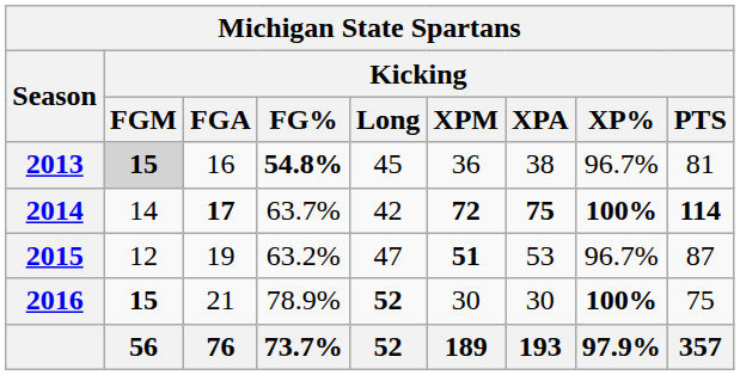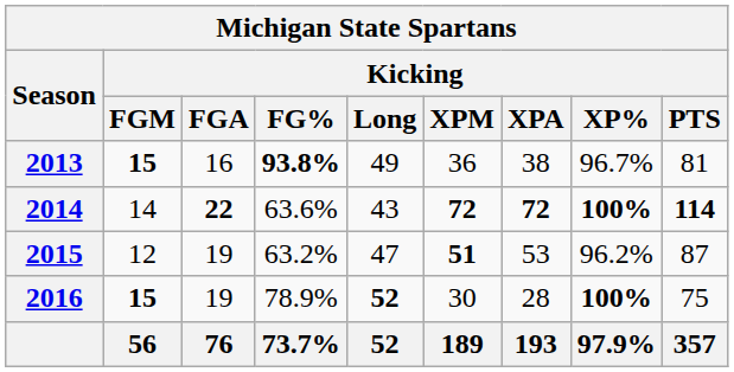 <table class="wikitable" style="text-align:center;">
 <tr>
 <th colspan="9">Michigan State Spartans</th>
 </tr>
 <tr>
 <th rowspan="2">Season</th>
 <th colspan="8">Kicking</th>
 </tr>
 <tr>
 <th>FGM</th>
 <th>FGA</th>
 <th>FG%</th>
 <th>Long</th>
 <th>XPM</th>
 <th>XPA</th>
 <th>XP%</th>
 <th>PTS</th>
 </tr>
 <tr>
 <th><a href='#'>2013</a></th>
-<td style="background: lightgrey;"><strong>15</strong></td>
+<td><strong>15</strong></td>
 <td>16</td>
-<td><strong>54.8%</strong></td>
-<td>45</td>
+<td><strong>93.8%</strong></td>
+<td>49</td>
 <td>36</td>
 <td>38</td>
 <td>96.7%</td>
 <td>81</td>
 </tr>
 <tr>
 <th><a href='#'>2014</a></th>
 <td>14</td>
-<td><strong>17</strong></td>
-<td>63.7%</td>
-<td>42</td>
+<td><strong>22</strong></td>
+<td>63.6%</td>
+<td>43</td>
 <td><strong>72</strong></td>
-<td><strong>75</strong></td>
+<td><strong>72</strong></td>
 <td><strong>100%</strong></td>
 <td><strong>114</strong></td>
 </tr>
 <tr>
 <th><a href='#'>2015</a></th>
 <td>12</td>
 <td>19</td>
 <td>63.2%</td>
 <td>47</td>
 <td><strong>51</strong></td>
 <td>53</td>
-<td>96.7%</td>
+<td>96.2%</td>
 <td>87</td>
 </tr>
 <tr>
 <th><a href='#'>2016</a></th>
 <td><strong>15</strong></td>
-<td>21</td>
+<td>19</td>
 <td>78.9%</td>
 <td><strong>52</strong></td>
 <td>30</td>
-<td>30</td>
+<td>28</td>
 <td><strong>100%</strong></td>
 <td>75</td>
 </tr>
 <tr>
 <th></th>
 <th>56</th>
 <th>76</th>
 <th>73.7%</th>
 <th>52</th>
 <th>189</th>
 <th>193</th>
 <th>97.9%</th>
 <th>357</th>
 </tr>
 </table>
